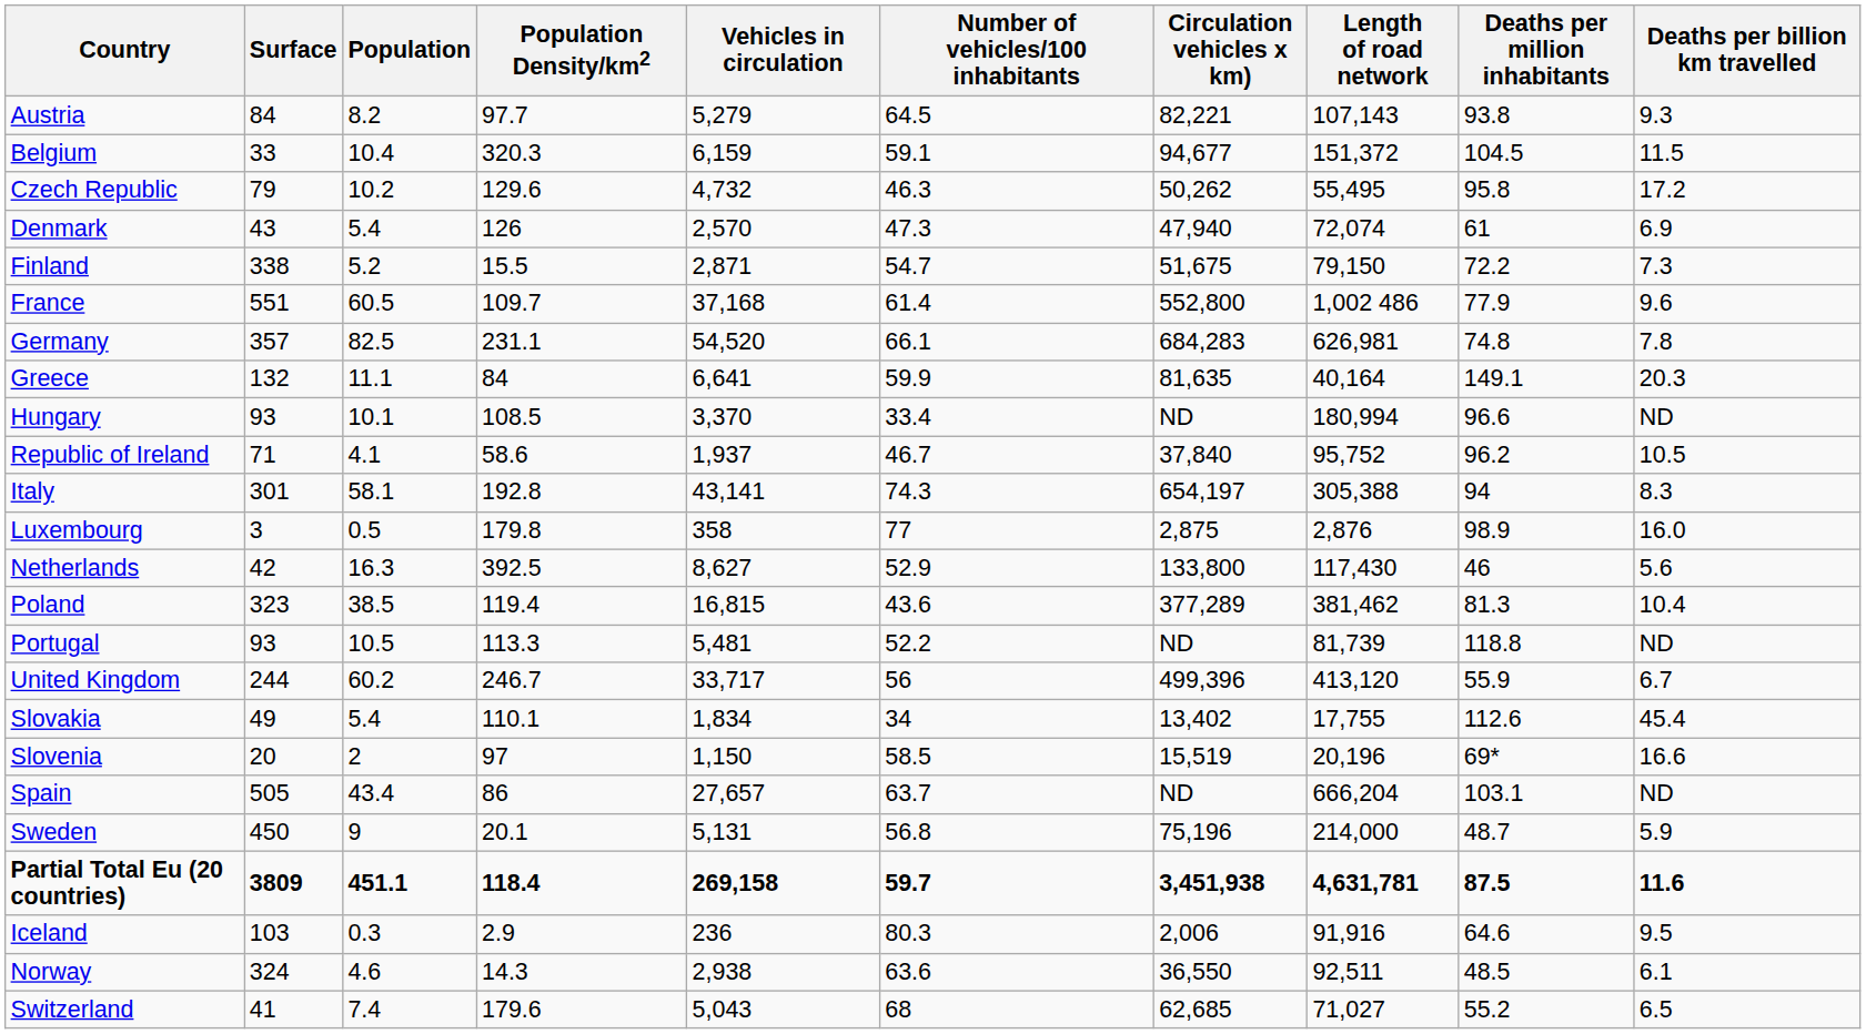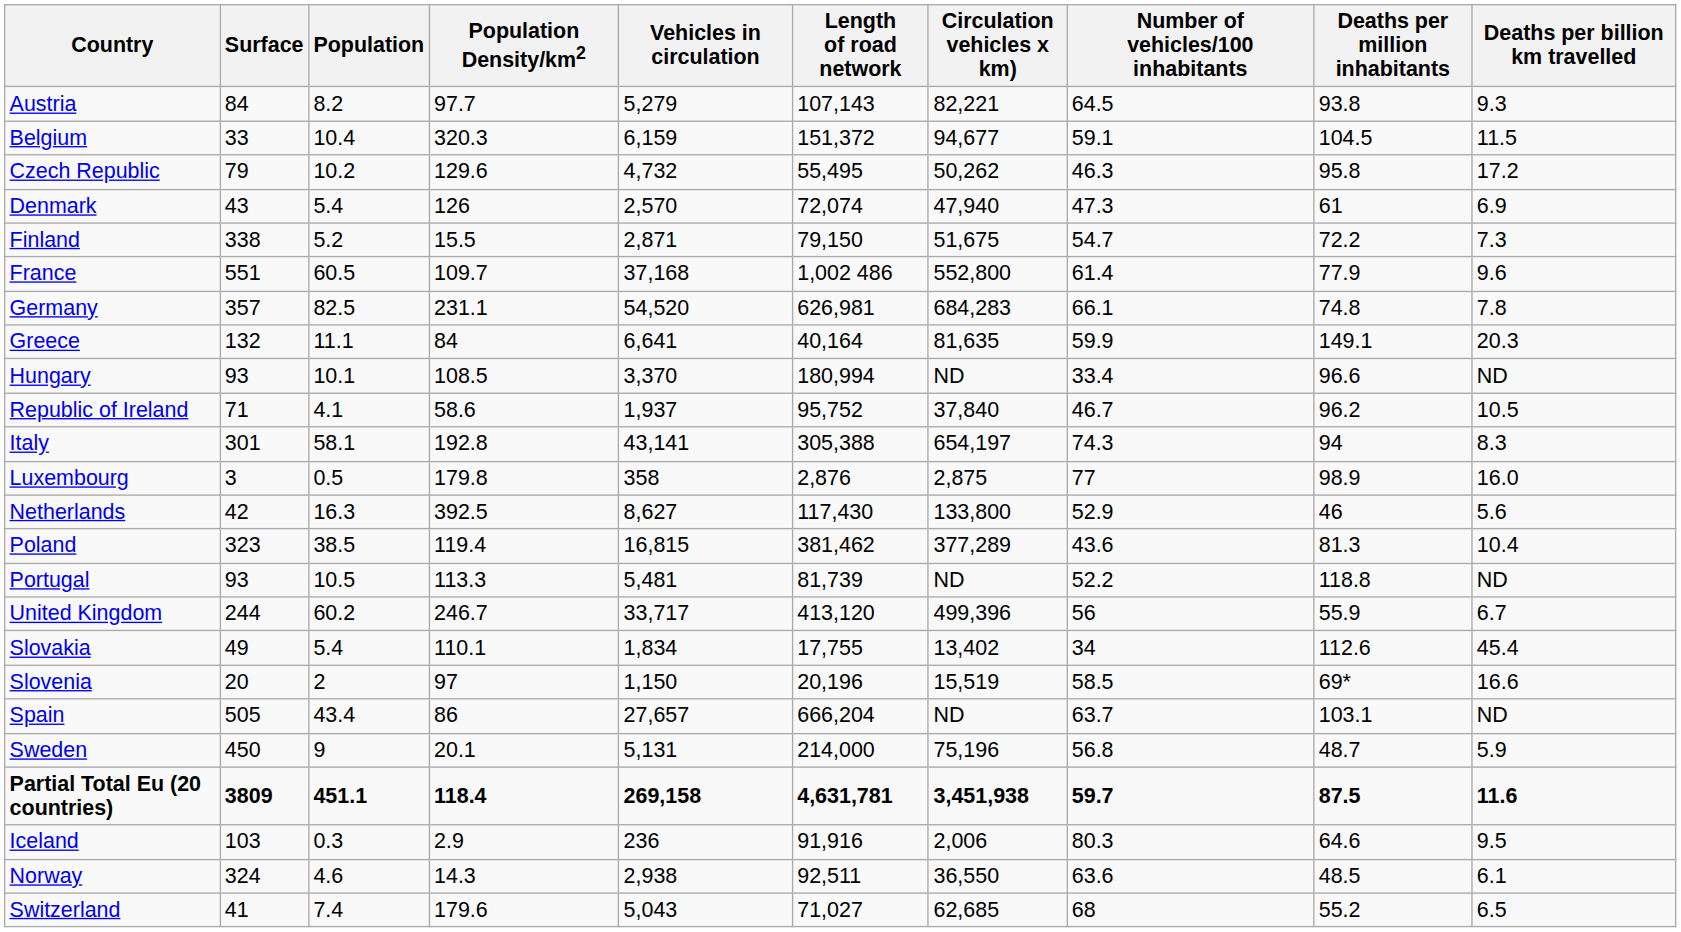 <table class="wikitable sortable" summary="xxx">
 <tr>
 <th scope="col">Country</th>
 <th scope="col">Surface<br></th>
 <th scope="col">Population<br></th>
 <th scope="col">Population Density/km<sup>2</sup></th>
 <th scope="col">Vehicles in circulation<br></th>
+<th scope="col">Length<br>of road network </th>
+<th scope="col">Circulation<br> vehicles x km)</th>
 <th scope="col">Number of vehicles/100 inhabitants</th>
-<th scope="col">Circulation<br> vehicles x km)</th>
-<th scope="col">Length<br>of road network </th>
 <th scope="col">Deaths per million<br>inhabitants</th>
 <th scope="col">Deaths per billion km travelled</th>
 </tr>
 <tr>
 <td scope="row"><a href='#'>Austria</a></td>
 <td>84</td>
 <td>8.2</td>
 <td>97.7</td>
 <td>5,279</td>
+<td>107,143</td>
+<td>82,221</td>
 <td>64.5</td>
-<td>82,221</td>
-<td>107,143</td>
 <td>93.8</td>
 <td>9.3</td>
 </tr>
 <tr>
 <td scope="row"><a href='#'>Belgium</a></td>
 <td>33</td>
 <td>10.4</td>
 <td>320.3</td>
 <td>6,159</td>
+<td>151,372</td>
+<td>94,677</td>
 <td>59.1</td>
-<td>94,677</td>
-<td>151,372</td>
 <td>104.5</td>
 <td>11.5</td>
 </tr>
 <tr>
 <td scope="row"><a href='#'>Czech Republic</a></td>
 <td>79</td>
 <td>10.2</td>
 <td>129.6</td>
 <td>4,732</td>
+<td>55,495</td>
+<td>50,262</td>
 <td>46.3</td>
-<td>50,262</td>
-<td>55,495</td>
 <td>95.8</td>
 <td>17.2</td>
 </tr>
 <tr>
 <td scope="row"><a href='#'>Denmark</a></td>
 <td>43</td>
 <td>5.4</td>
 <td>126</td>
 <td>2,570</td>
+<td>72,074</td>
+<td>47,940</td>
 <td>47.3</td>
-<td>47,940</td>
-<td>72,074</td>
 <td>61</td>
 <td>6.9</td>
 </tr>
 <tr>
 <td scope="row"><a href='#'>Finland</a></td>
 <td>338</td>
 <td>5.2</td>
 <td>15.5</td>
 <td>2,871</td>
+<td>79,150</td>
+<td>51,675</td>
 <td>54.7</td>
-<td>51,675</td>
-<td>79,150</td>
 <td>72.2</td>
 <td>7.3</td>
 </tr>
 <tr>
 <td scope="row"><a href='#'>France</a></td>
 <td>551</td>
 <td>60.5</td>
 <td>109.7</td>
 <td>37,168</td>
+<td>1,002 486</td>
+<td>552,800</td>
 <td>61.4</td>
-<td>552,800</td>
-<td>1,002 486</td>
 <td>77.9</td>
 <td>9.6</td>
 </tr>
 <tr>
 <td scope="row"><a href='#'>Germany</a></td>
 <td>357</td>
 <td>82.5</td>
 <td>231.1</td>
 <td>54,520</td>
+<td>626,981</td>
+<td>684,283</td>
 <td>66.1</td>
-<td>684,283</td>
-<td>626,981</td>
 <td>74.8</td>
 <td>7.8</td>
 </tr>
 <tr>
 <td scope="row"><a href='#'>Greece</a></td>
 <td>132</td>
 <td>11.1</td>
 <td>84</td>
 <td>6,641</td>
+<td>40,164</td>
+<td>81,635</td>
 <td>59.9</td>
-<td>81,635</td>
-<td>40,164</td>
 <td>149.1</td>
 <td>20.3</td>
 </tr>
 <tr>
 <td scope="row"><a href='#'>Hungary</a></td>
 <td>93</td>
 <td>10.1</td>
 <td>108.5</td>
 <td>3,370</td>
+<td>180,994</td>
+<td>ND</td>
 <td>33.4</td>
-<td>ND</td>
-<td>180,994</td>
 <td>96.6</td>
 <td>ND</td>
 </tr>
 <tr>
 <td scope="row"><a href='#'>Republic of Ireland</a></td>
 <td>71</td>
 <td>4.1</td>
 <td>58.6</td>
 <td>1,937</td>
+<td>95,752</td>
+<td>37,840</td>
 <td>46.7</td>
-<td>37,840</td>
-<td>95,752</td>
 <td>96.2</td>
 <td>10.5</td>
 </tr>
 <tr>
 <td scope="row"><a href='#'>Italy</a></td>
 <td>301</td>
 <td>58.1</td>
 <td>192.8</td>
 <td>43,141</td>
+<td>305,388</td>
+<td>654,197</td>
 <td>74.3</td>
-<td>654,197</td>
-<td>305,388</td>
 <td>94</td>
 <td>8.3</td>
 </tr>
 <tr>
 <td scope="row"><a href='#'>Luxembourg</a></td>
 <td>3</td>
 <td>0.5</td>
 <td>179.8</td>
 <td>358</td>
+<td>2,876</td>
+<td>2,875</td>
 <td>77</td>
-<td>2,875</td>
-<td>2,876</td>
 <td>98.9</td>
 <td>16.0</td>
 </tr>
 <tr>
 <td scope="row"><a href='#'>Netherlands</a></td>
 <td>42</td>
 <td>16.3</td>
 <td>392.5</td>
 <td>8,627</td>
+<td>117,430</td>
+<td>133,800</td>
 <td>52.9</td>
-<td>133,800</td>
-<td>117,430</td>
 <td>46</td>
 <td>5.6</td>
 </tr>
 <tr>
 <td scope="row"><a href='#'>Poland</a></td>
 <td>323</td>
 <td>38.5</td>
 <td>119.4</td>
 <td>16,815</td>
+<td>381,462</td>
+<td>377,289</td>
 <td>43.6</td>
-<td>377,289</td>
-<td>381,462</td>
 <td>81.3</td>
 <td>10.4</td>
 </tr>
 <tr>
 <td scope="row"><a href='#'>Portugal</a></td>
 <td>93</td>
 <td>10.5</td>
 <td>113.3</td>
 <td>5,481</td>
+<td>81,739</td>
+<td>ND</td>
 <td>52.2</td>
-<td>ND</td>
-<td>81,739</td>
 <td>118.8</td>
 <td>ND</td>
 </tr>
 <tr>
 <td scope="row"><a href='#'>United Kingdom</a></td>
 <td>244</td>
 <td>60.2</td>
 <td>246.7</td>
 <td>33,717</td>
+<td>413,120</td>
+<td>499,396</td>
 <td>56</td>
-<td>499,396</td>
-<td>413,120</td>
 <td>55.9</td>
 <td>6.7</td>
 </tr>
 <tr>
 <td scope="row"><a href='#'>Slovakia</a></td>
 <td>49</td>
 <td>5.4</td>
 <td>110.1</td>
 <td>1,834</td>
+<td>17,755</td>
+<td>13,402</td>
 <td>34</td>
-<td>13,402</td>
-<td>17,755</td>
 <td>112.6</td>
 <td>45.4</td>
 </tr>
 <tr>
 <td scope="row"><a href='#'>Slovenia</a></td>
 <td>20</td>
 <td>2</td>
 <td>97</td>
 <td>1,150</td>
+<td>20,196</td>
+<td>15,519</td>
 <td>58.5</td>
-<td>15,519</td>
-<td>20,196</td>
 <td>69*</td>
 <td>16.6</td>
 </tr>
 <tr>
 <td scope="row"><a href='#'>Spain</a></td>
 <td>505</td>
 <td>43.4</td>
 <td>86</td>
 <td>27,657</td>
+<td>666,204</td>
+<td>ND</td>
 <td>63.7</td>
-<td>ND</td>
-<td>666,204</td>
 <td>103.1</td>
 <td>ND</td>
 </tr>
 <tr>
 <td scope="row"><a href='#'>Sweden</a></td>
 <td>450</td>
 <td>9</td>
 <td>20.1</td>
 <td>5,131</td>
+<td>214,000</td>
+<td>75,196</td>
 <td>56.8</td>
-<td>75,196</td>
-<td>214,000</td>
 <td>48.7</td>
 <td>5.9</td>
 </tr>
 <tr>
 <td scope="row"><strong>Partial Total Eu (20 countries)</strong></td>
 <td><strong>3809</strong></td>
 <td><strong>451.1</strong></td>
 <td><strong>118.4</strong></td>
 <td><strong>269,158</strong></td>
+<td><strong>4,631,781</strong></td>
+<td><strong>3,451,938</strong></td>
 <td><strong>59.7</strong></td>
-<td><strong>3,451,938</strong></td>
-<td><strong>4,631,781</strong></td>
 <td><strong>87.5</strong></td>
 <td><strong>11.6</strong></td>
 </tr>
 <tr>
 <td scope="row"><a href='#'>Iceland</a></td>
 <td>103</td>
 <td>0.3</td>
 <td>2.9</td>
 <td>236</td>
+<td>91,916</td>
+<td>2,006</td>
 <td>80.3</td>
-<td>2,006</td>
-<td>91,916</td>
 <td>64.6</td>
 <td>9.5</td>
 </tr>
 <tr>
 <td scope="row"><a href='#'>Norway</a></td>
 <td>324</td>
 <td>4.6</td>
 <td>14.3</td>
 <td>2,938</td>
+<td>92,511</td>
+<td>36,550</td>
 <td>63.6</td>
-<td>36,550</td>
-<td>92,511</td>
 <td>48.5</td>
 <td>6.1</td>
 </tr>
 <tr>
 <td scope="row"><a href='#'>Switzerland</a></td>
 <td>41</td>
 <td>7.4</td>
 <td>179.6</td>
 <td>5,043</td>
+<td>71,027</td>
+<td>62,685</td>
 <td>68</td>
-<td>62,685</td>
-<td>71,027</td>
 <td>55.2</td>
 <td>6.5</td>
 </tr>
 </table>
